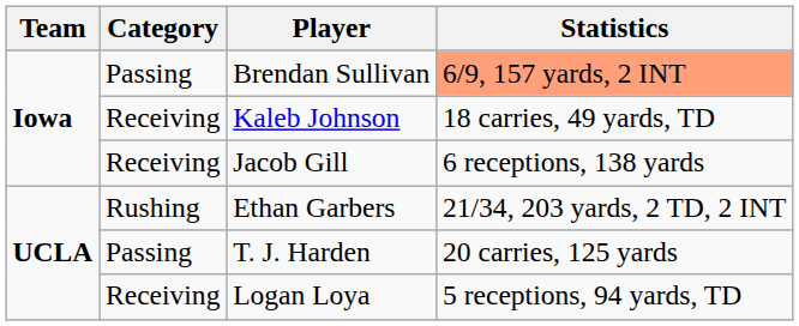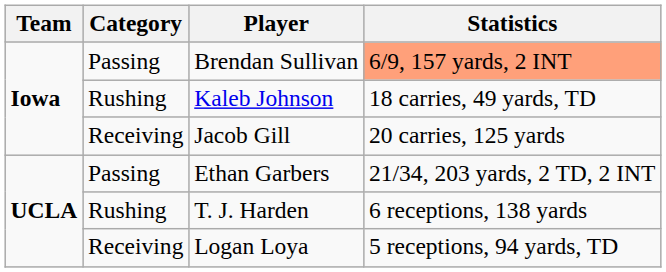 <table class="wikitable" style="float: right;">
 <tr>
 <th>Team</th>
 <th>Category</th>
 <th>Player</th>
 <th>Statistics</th>
 </tr>
 <tr>
 <td rowspan=3><strong>Iowa</strong></td>
 <td>Passing</td>
 <td>Brendan Sullivan</td>
 <td style="background: lightsalmon;">6/9, 157 yards, 2 INT</td>
 </tr>
 <tr>
-<td>Receiving</td>
+<td>Rushing</td>
 <td><a href='#'>Kaleb Johnson</a></td>
 <td>18 carries, 49 yards, TD</td>
 </tr>
 <tr>
 <td>Receiving</td>
 <td>Jacob Gill</td>
-<td>6 receptions, 138 yards</td>
+<td>20 carries, 125 yards</td>
 </tr>
 <tr>
 <td rowspan=3><strong>UCLA</strong></td>
-<td>Rushing</td>
+<td>Passing</td>
 <td>Ethan Garbers</td>
 <td>21/34, 203 yards, 2 TD, 2 INT</td>
 </tr>
 <tr>
-<td>Passing</td>
+<td>Rushing</td>
 <td>T. J. Harden</td>
-<td>20 carries, 125 yards</td>
+<td>6 receptions, 138 yards</td>
 </tr>
 <tr>
 <td>Receiving</td>
 <td>Logan Loya</td>
 <td>5 receptions, 94 yards, TD</td>
 </tr>
 </table>
